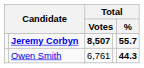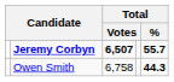 <table class="wikitable" style="font-size:95%;">
 <tr>
 <th colspan="2" scope="col" rowspan="2" width="125">Candidate</th>
 <th scope="col" colspan="3" width="75">Total</th>
 </tr>
 <tr>
 <th scope="col" colspan="2">Votes</th>
 <th>%</th>
 </tr>
 <tr align="right">
 <td style="background-color: "></td>
 <td scope="row" align="left"><strong><a href='#'>Jeremy Corbyn</a></strong></td>
-<td><strong>8,507</strong></td>
+<td><strong>6,507</strong></td>
 <td align=center></td>
 <td><strong>55.7</strong></td>
 </tr>
 <tr align="right">
 <td style="background-color: "></td>
 <td scope="row" align="left"><a href='#'>Owen Smith</a></td>
-<td>6,761</td>
+<td>6,758</td>
 <td align=center></td>
 <td><strong>44.3</strong></td>
 </tr>
 </table>
